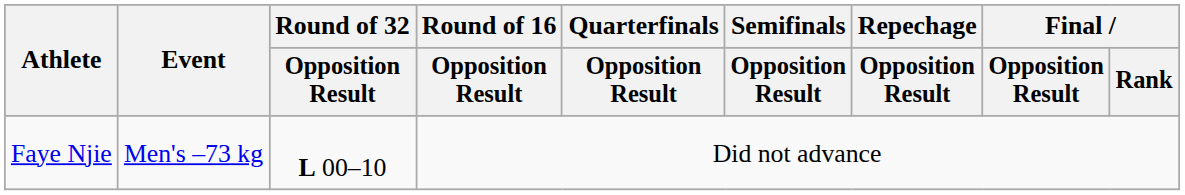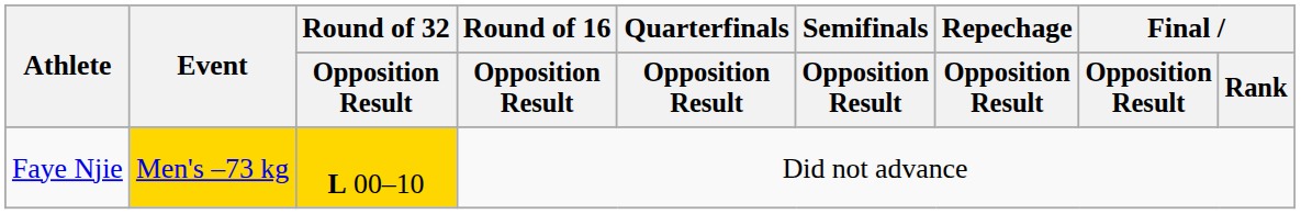 <table class="wikitable" style="font-size:90%">
 <tr>
 <th rowspan="2">Athlete</th>
 <th rowspan="2">Event</th>
 <th>Round of 32</th>
 <th>Round of 16</th>
 <th>Quarterfinals</th>
 <th>Semifinals</th>
 <th>Repechage</th>
 <th colspan=2>Final / </th>
 </tr>
 <tr style="font-size:95%">
 <th>Opposition<br>Result</th>
 <th>Opposition<br>Result</th>
 <th>Opposition<br>Result</th>
 <th>Opposition<br>Result</th>
 <th>Opposition<br>Result</th>
 <th>Opposition<br>Result</th>
 <th>Rank</th>
 </tr>
 <tr align=center>
 <td align=left><a href='#'>Faye Njie</a></td>
-<td align=left><a href='#'>Men's –73 kg</a></td>
-<td><br><strong>L</strong> 00–10</td>
+<td align=left style="background: gold;"><a href='#'>Men's –73 kg</a></td>
+<td style="background: gold;"><br><strong>L</strong> 00–10</td>
 <td colspan=6>Did not advance</td>
 </tr>
 </table>
